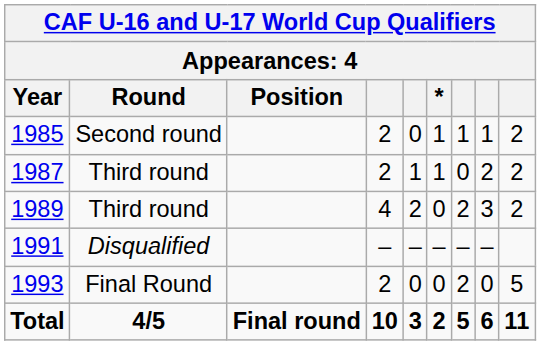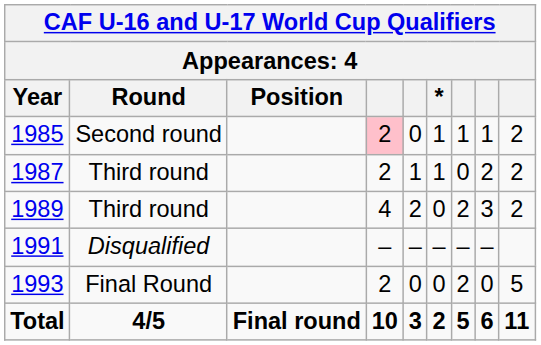 <table class="wikitable" style="text-align: center;">
 <tr>
 <th colspan=9><a href='#'>CAF U-16 and U-17 World Cup Qualifiers</a></th>
 </tr>
 <tr>
 <th colspan=9>Appearances: 4</th>
 </tr>
 <tr>
 <th>Year</th>
 <th>Round</th>
 <th>Position</th>
 <th></th>
 <th></th>
 <th>*</th>
 <th></th>
 <th></th>
 <th></th>
 </tr>
 <tr>
 <td><a href='#'>1985</a></td>
 <td>Second round</td>
 <td></td>
-<td>2</td>
+<td style="background: pink;">2</td>
 <td>0</td>
 <td>1</td>
 <td>1</td>
 <td>1</td>
 <td>2</td>
 </tr>
 <tr>
 <td><a href='#'>1987</a></td>
 <td>Third round</td>
 <td></td>
 <td>2</td>
 <td>1</td>
 <td>1</td>
 <td>0</td>
 <td>2</td>
 <td>2</td>
 </tr>
 <tr>
 <td><a href='#'>1989</a></td>
 <td>Third round</td>
 <td></td>
 <td>4</td>
 <td>2</td>
 <td>0</td>
 <td>2</td>
 <td>3</td>
 <td>2</td>
 </tr>
 <tr>
 <td><a href='#'>1991</a></td>
 <td><em>Disqualified</em></td>
 <td></td>
 <td>–</td>
 <td>–</td>
 <td>–</td>
 <td>–</td>
 <td>–</td>
 </tr>
 <tr>
 <td><a href='#'>1993</a></td>
 <td>Final Round</td>
 <td></td>
 <td>2</td>
 <td>0</td>
 <td>0</td>
 <td>2</td>
 <td>0</td>
 <td>5</td>
 </tr>
 <tr>
 <td><strong>Total</strong></td>
 <td><strong>4/5</strong></td>
 <td><strong>Final round</strong></td>
 <td><strong>10</strong></td>
 <td><strong>3</strong></td>
 <td><strong>2</strong></td>
 <td><strong>5</strong></td>
 <td><strong>6</strong></td>
 <td><strong>11</strong></td>
 </tr>
 </table>
